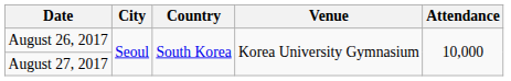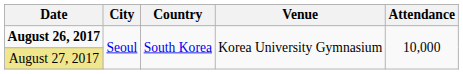 <table class="wikitable" style="text-align:center;">
 <tr>
 <th>Date</th>
 <th>City</th>
 <th>Country</th>
 <th>Venue</th>
 <th>Attendance</th>
 </tr>
 <tr>
-<td>August 26, 2017</td>
+<td><strong>August 26, 2017</strong></td>
 <td rowspan="2"><a href='#'>Seoul</a></td>
 <td rowspan="2"><a href='#'>South Korea</a></td>
 <td rowspan="2">Korea University Gymnasium</td>
 <td rowspan="2">10,000</td>
 </tr>
 <tr>
-<td>August 27, 2017</td>
+<td style="background: khaki;">August 27, 2017</td>
 </tr>
 </table>
